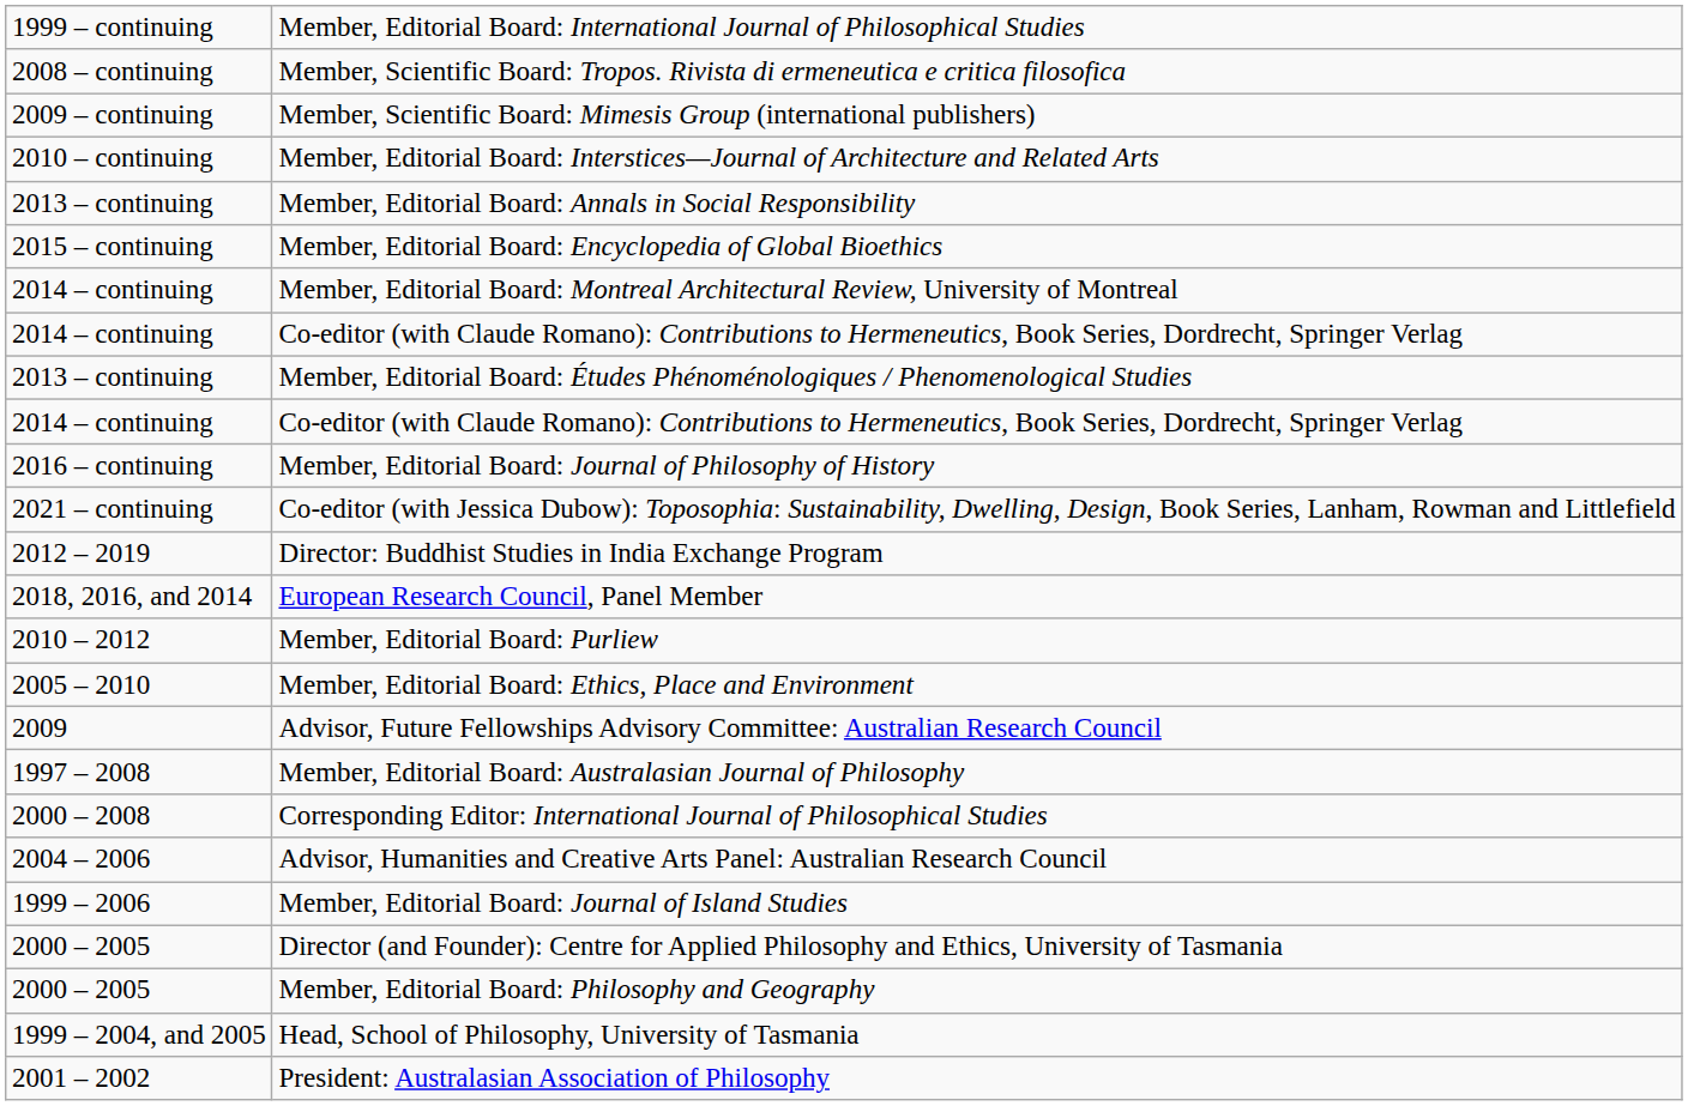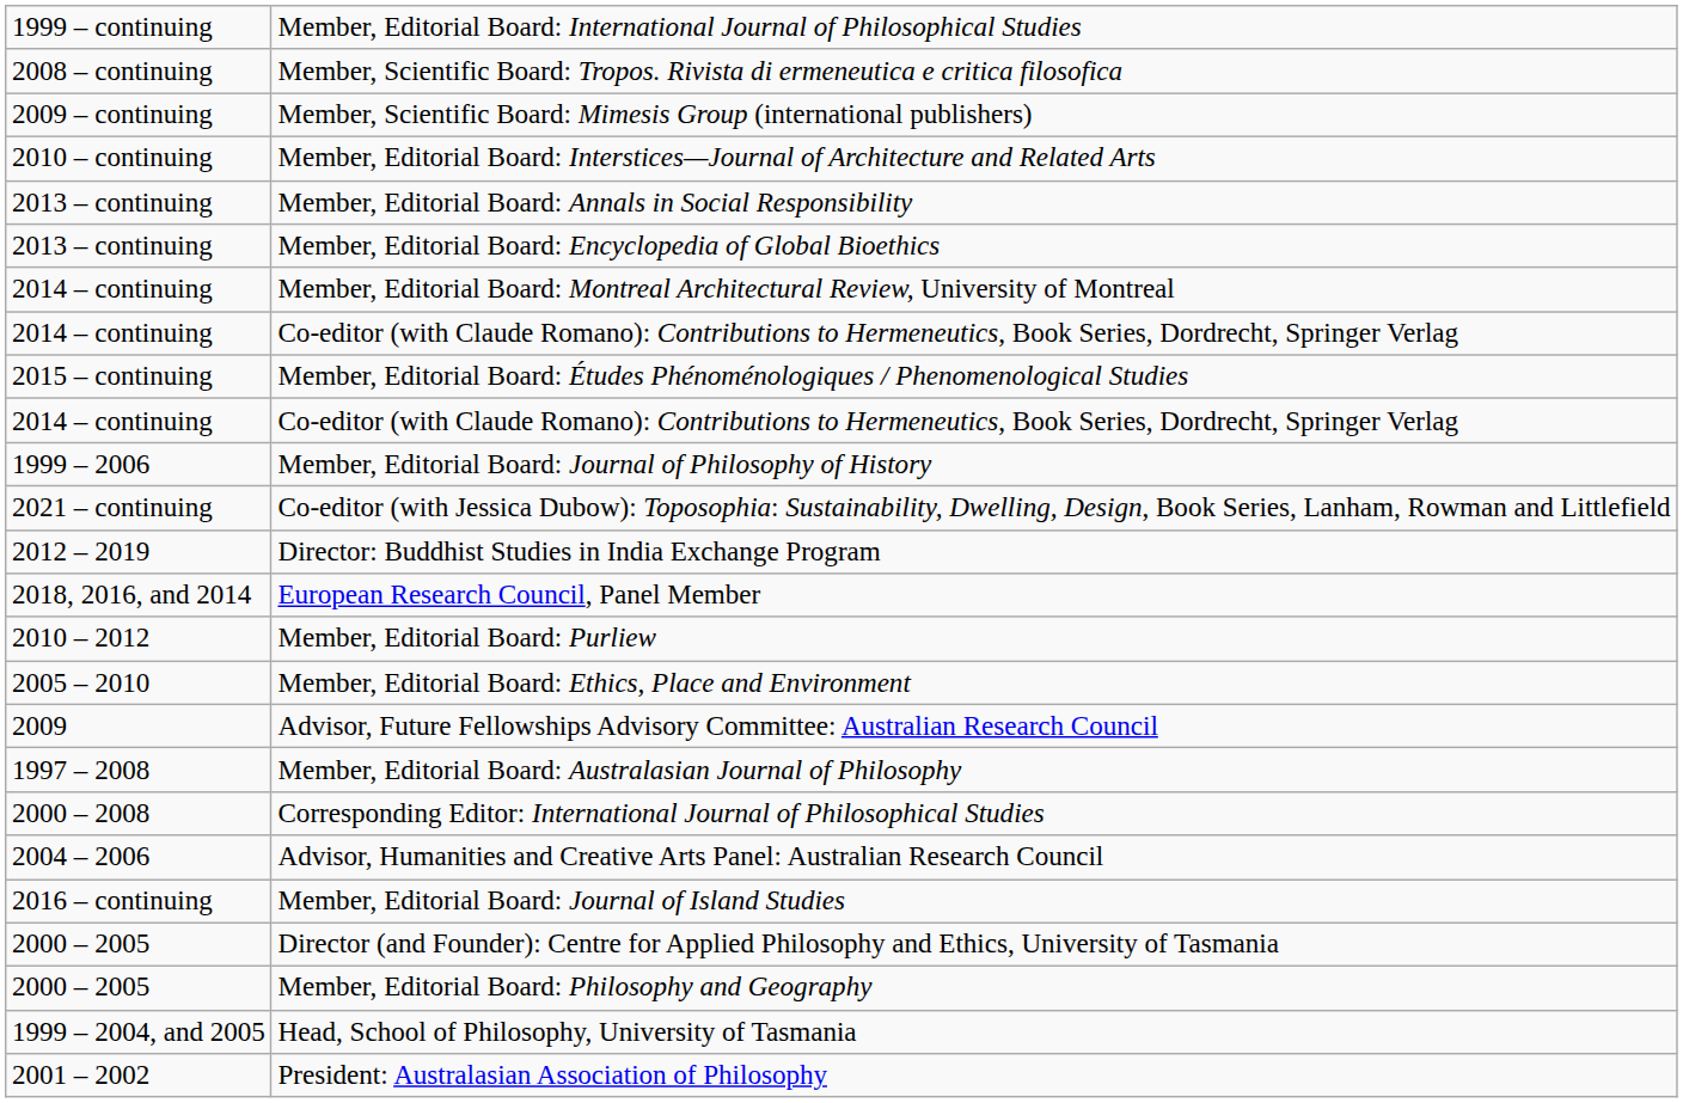 <table class="wikitable">
 <tr>
 <td>1999 – continuing</td>
 <td>Member, Editorial Board: <em>International Journal of Philosophical Studies</em></td>
 </tr>
 <tr>
 <td>2008 – continuing</td>
 <td>Member, Scientific Board: <em>Tropos. Rivista di ermeneutica e critica filosofica</em></td>
 </tr>
 <tr>
 <td>2009 – continuing</td>
 <td>Member, Scientific Board: <em>Mimesis Group</em> (international publishers)</td>
 </tr>
 <tr>
 <td>2010 – continuing</td>
 <td>Member, Editorial Board: <em>Interstices—Journal of Architecture and Related Arts</em></td>
 </tr>
 <tr>
 <td>2013 – continuing</td>
 <td>Member, Editorial Board: <em>Annals in Social Responsibility</em></td>
 </tr>
 <tr>
-<td>2015 – continuing</td>
+<td>2013 – continuing</td>
 <td>Member, Editorial Board: <em>Encyclopedia of Global Bioethics</em></td>
 </tr>
 <tr>
 <td>2014 – continuing</td>
 <td>Member, Editorial Board: <em>Montreal Architectural Review,</em> University of Montreal</td>
 </tr>
 <tr>
 <td>2014 – continuing</td>
 <td>Co-editor (with Claude Romano): <em>Contributions to Hermeneutics</em>, Book Series, Dordrecht,  Springer Verlag</td>
 </tr>
 <tr>
-<td>2013 – continuing</td>
+<td>2015 – continuing</td>
 <td>Member, Editorial Board: <em>Études Phénoménologiques / Phenomenological Studies</em></td>
 </tr>
 <tr>
 <td>2014 – continuing</td>
 <td>Co-editor (with Claude Romano): <em>Contributions to Hermeneutics</em>, Book Series, Dordrecht,  Springer Verlag</td>
 </tr>
 <tr>
-<td>2016 – continuing</td>
+<td>1999 – 2006</td>
 <td>Member, Editorial Board: <em>Journal of Philosophy of History</em></td>
 </tr>
 <tr>
 <td>2021 – continuing</td>
 <td>Co-editor (with Jessica Dubow): <em>Toposophia</em>: <em>Sustainability, Dwelling, Design</em>,  Book Series, Lanham, Rowman and Littlefield</td>
 </tr>
 <tr>
 <td>2012 – 2019</td>
 <td>Director: Buddhist Studies in India Exchange Program</td>
 </tr>
 <tr>
 <td>2018, 2016, and 2014</td>
 <td><a href='#'>European Research Council</a>, Panel Member</td>
 </tr>
 <tr>
 <td>2010 – 2012</td>
 <td>Member, Editorial Board: <em>Purliew</em></td>
 </tr>
 <tr>
 <td>2005 – 2010</td>
 <td>Member, Editorial Board: <em>Ethics, Place and Environment</em></td>
 </tr>
 <tr>
 <td>2009</td>
 <td>Advisor, Future Fellowships Advisory Committee: <a href='#'>Australian Research Council</a></td>
 </tr>
 <tr>
 <td>1997 – 2008</td>
 <td>Member, Editorial Board: <em>Australasian Journal of Philosophy</em></td>
 </tr>
 <tr>
 <td>2000 – 2008</td>
 <td>Corresponding Editor: <em>International Journal of Philosophical Studies</em></td>
 </tr>
 <tr>
 <td>2004 – 2006</td>
 <td>Advisor,  Humanities and Creative Arts Panel: Australian Research Council</td>
 </tr>
 <tr>
-<td>1999 – 2006</td>
+<td>2016 – continuing</td>
 <td>Member, Editorial Board: <em>Journal of Island Studies</em></td>
 </tr>
 <tr>
 <td>2000 – 2005</td>
 <td>Director (and Founder): Centre for Applied Philosophy and Ethics, University of Tasmania</td>
 </tr>
 <tr>
 <td>2000 – 2005</td>
 <td>Member, Editorial Board: <em>Philosophy and Geography</em></td>
 </tr>
 <tr>
 <td>1999 – 2004, and 2005</td>
 <td>Head, School of Philosophy, University of Tasmania</td>
 </tr>
 <tr>
 <td>2001 – 2002</td>
 <td>President: <a href='#'>Australasian Association of Philosophy</a></td>
 </tr>
 </table>
